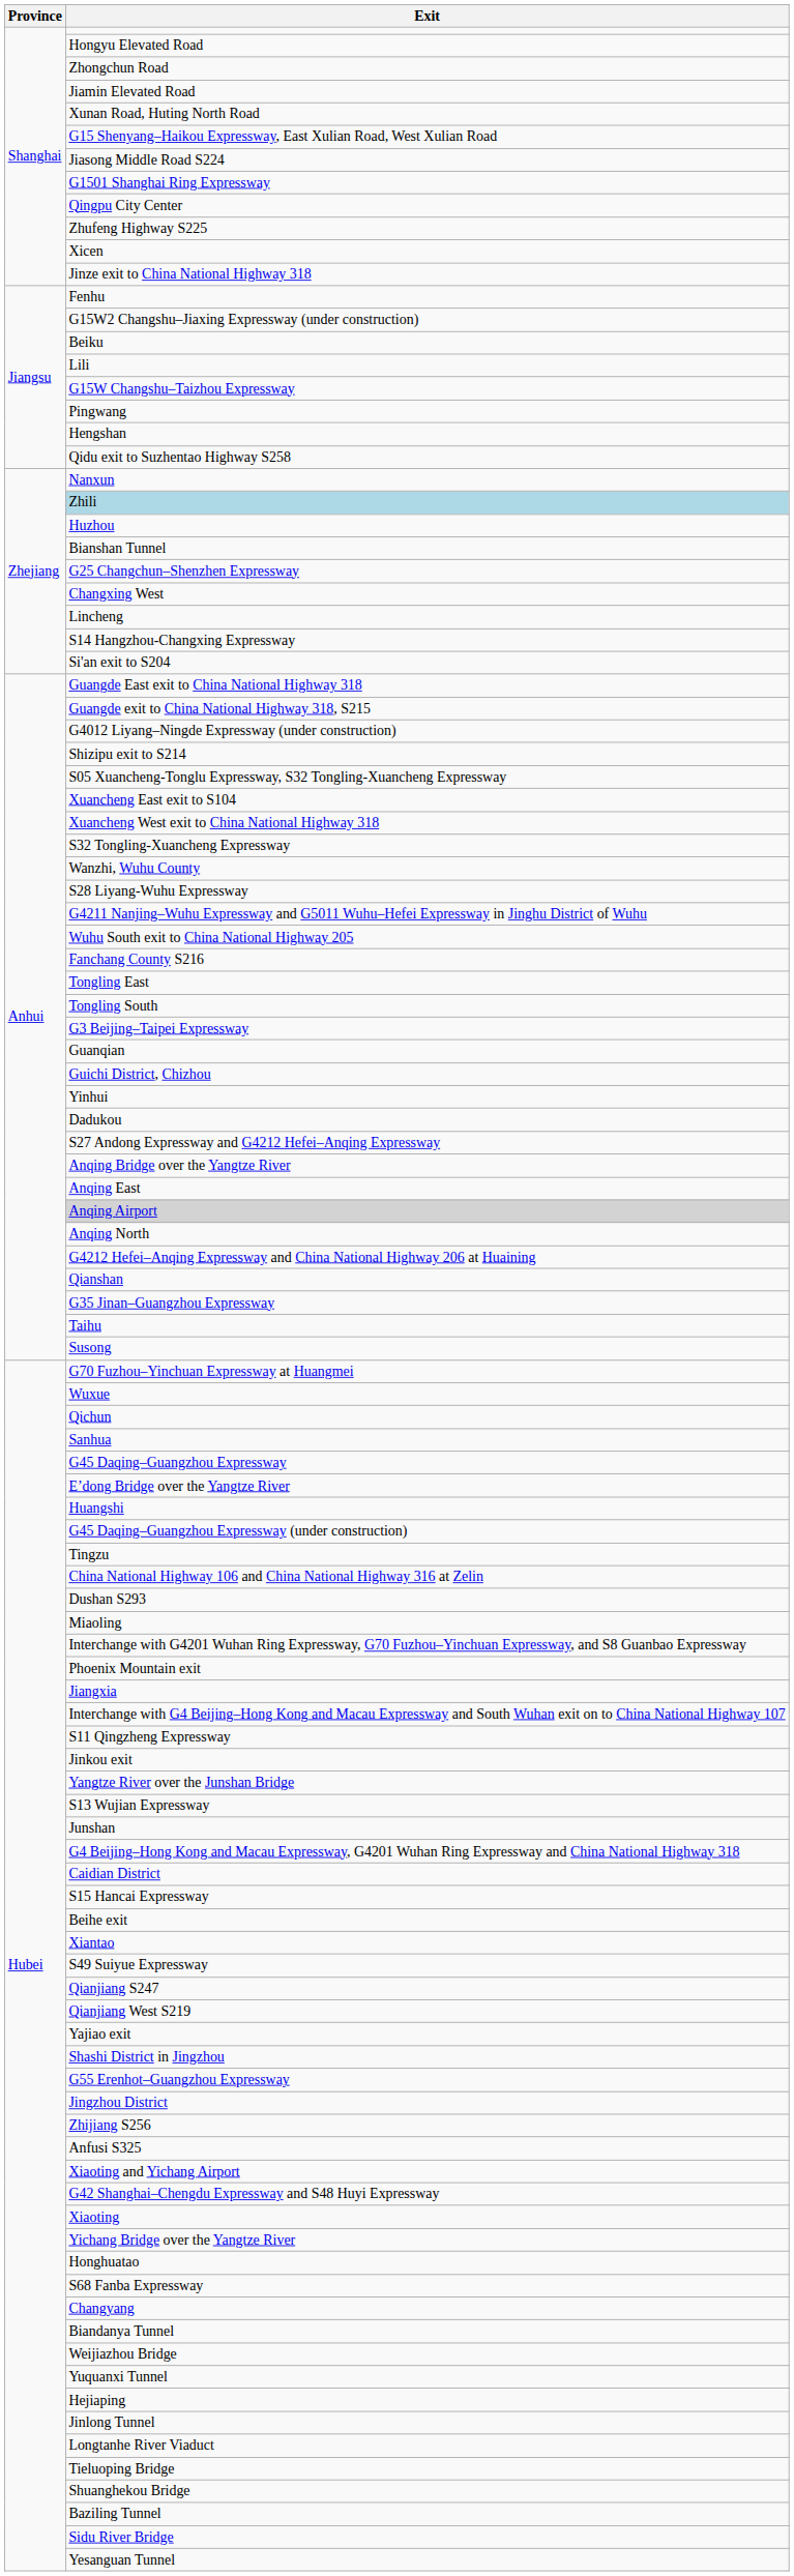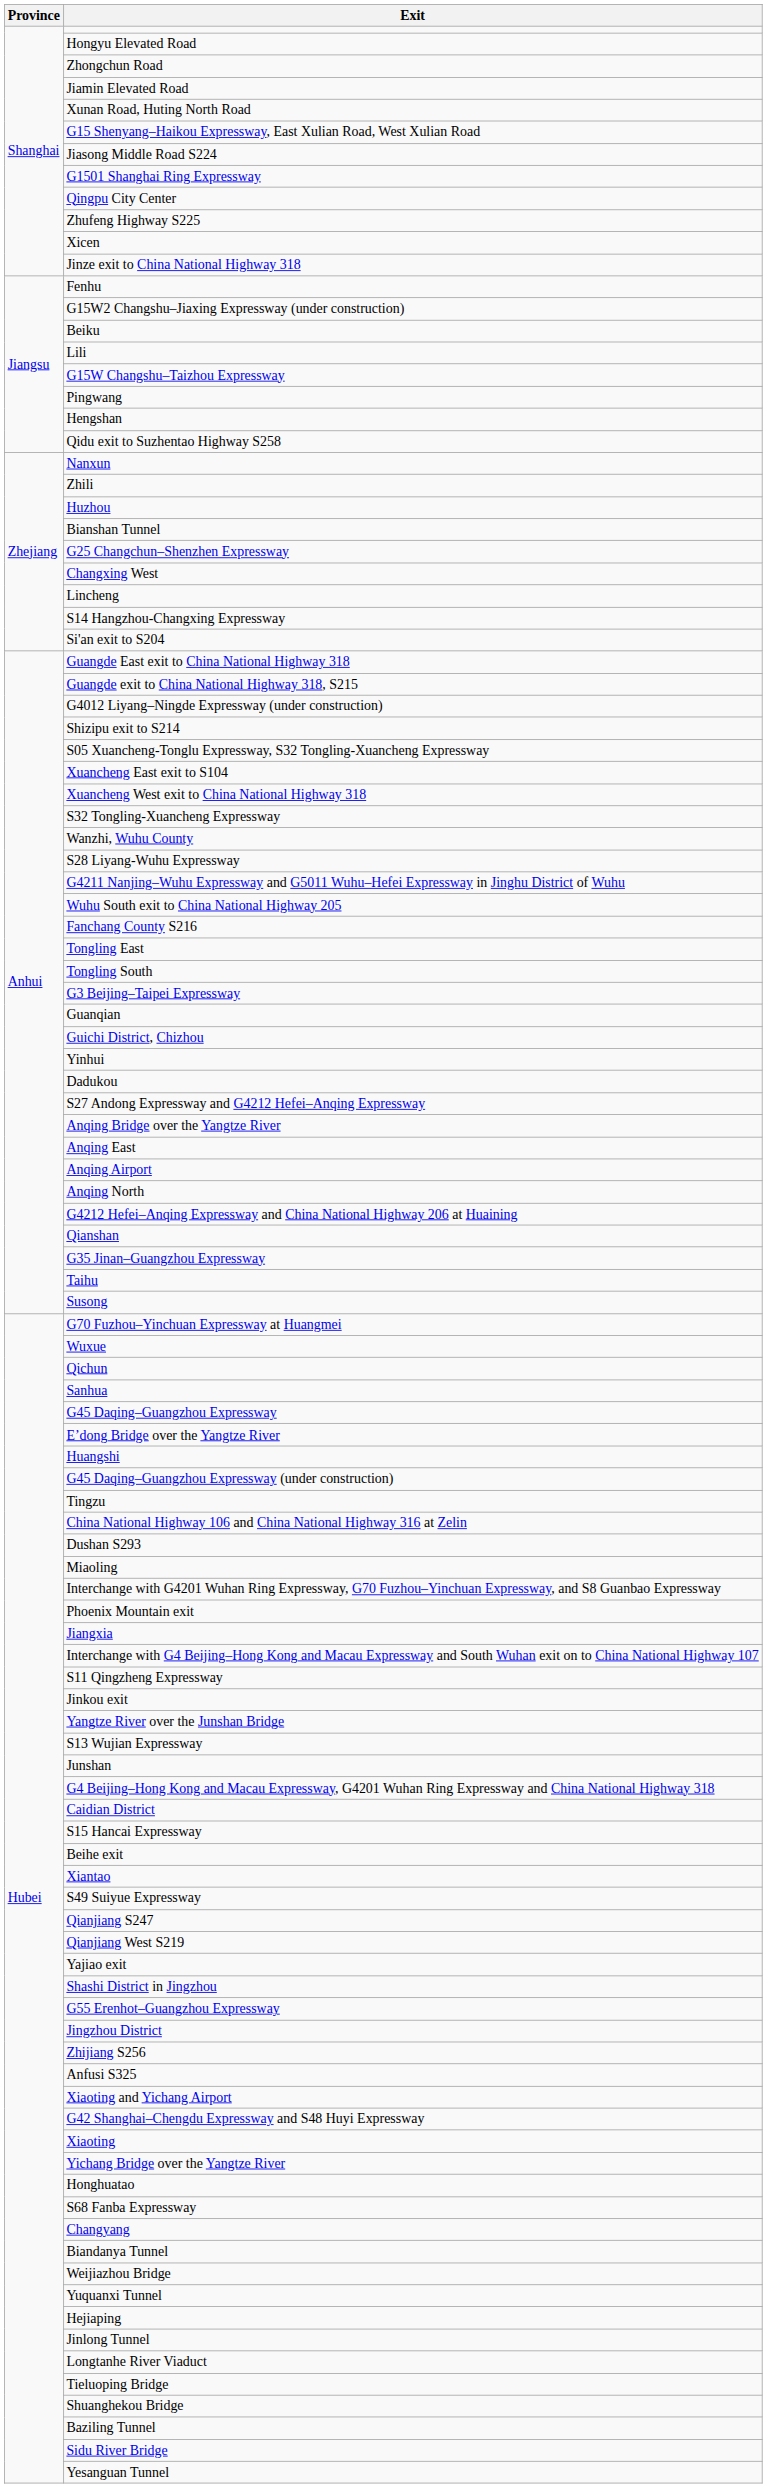 <table class="wikitable">
 <tr>
 <th>Province</th>
 <th>Exit</th>
 </tr>
 <tr>
 <td rowspan=12><a href='#'>Shanghai</a></td>
 <td></td>
 </tr>
 <tr>
 <td>Hongyu Elevated Road</td>
 </tr>
 <tr>
 <td>Zhongchun Road</td>
 </tr>
 <tr>
 <td>Jiamin Elevated Road</td>
 </tr>
 <tr>
 <td>Xunan Road, Huting North Road</td>
 </tr>
 <tr>
 <td> <a href='#'>G15 Shenyang–Haikou Expressway</a>, East Xulian Road, West Xulian Road</td>
 </tr>
 <tr>
 <td>Jiasong Middle Road S224</td>
 </tr>
 <tr>
 <td> <a href='#'>G1501 Shanghai Ring Expressway</a></td>
 </tr>
 <tr>
 <td><a href='#'>Qingpu</a> City Center</td>
 </tr>
 <tr>
 <td>Zhufeng Highway S225</td>
 </tr>
 <tr>
 <td>Xicen</td>
 </tr>
 <tr>
 <td>Jinze exit to  <a href='#'>China National Highway 318</a></td>
 </tr>
 <tr>
 <td rowspan=8><a href='#'>Jiangsu</a></td>
 <td>Fenhu</td>
 </tr>
 <tr>
 <td> G15W2 Changshu–Jiaxing Expressway (under construction)</td>
 </tr>
 <tr>
 <td>Beiku</td>
 </tr>
 <tr>
 <td>Lili</td>
 </tr>
 <tr>
 <td> <a href='#'>G15W Changshu–Taizhou Expressway</a></td>
 </tr>
 <tr>
 <td>Pingwang</td>
 </tr>
 <tr>
 <td>Hengshan</td>
 </tr>
 <tr>
 <td>Qidu exit to Suzhentao Highway S258</td>
 </tr>
 <tr>
 <td rowspan=9><a href='#'>Zhejiang</a></td>
 <td><a href='#'>Nanxun</a></td>
 </tr>
 <tr>
-<td style="background: lightblue;">Zhili</td>
+<td>Zhili</td>
 </tr>
 <tr>
 <td><a href='#'>Huzhou</a></td>
 </tr>
 <tr>
 <td>Bianshan Tunnel</td>
 </tr>
 <tr>
 <td> <a href='#'>G25 Changchun–Shenzhen Expressway</a></td>
 </tr>
 <tr>
 <td><a href='#'>Changxing</a> West</td>
 </tr>
 <tr>
 <td>Lincheng</td>
 </tr>
 <tr>
 <td>S14 Hangzhou-Changxing Expressway</td>
 </tr>
 <tr>
 <td>Si'an exit to S204</td>
 </tr>
 <tr>
 <td rowspan=30><a href='#'>Anhui</a></td>
 <td><a href='#'>Guangde</a> East exit to  <a href='#'>China National Highway 318</a></td>
 </tr>
 <tr>
 <td><a href='#'>Guangde</a> exit to  <a href='#'>China National Highway 318</a>, S215</td>
 </tr>
 <tr>
 <td> G4012 Liyang–Ningde Expressway (under construction)</td>
 </tr>
 <tr>
 <td>Shizipu exit to S214</td>
 </tr>
 <tr>
 <td>S05 Xuancheng-Tonglu Expressway, S32 Tongling-Xuancheng Expressway</td>
 </tr>
 <tr>
 <td><a href='#'>Xuancheng</a> East exit to S104</td>
 </tr>
 <tr>
 <td><a href='#'>Xuancheng</a> West exit to  <a href='#'>China National Highway 318</a></td>
 </tr>
 <tr>
 <td>S32 Tongling-Xuancheng Expressway</td>
 </tr>
 <tr>
 <td>Wanzhi, <a href='#'>Wuhu County</a></td>
 </tr>
 <tr>
 <td>S28 Liyang-Wuhu Expressway</td>
 </tr>
 <tr>
 <td> <a href='#'>G4211 Nanjing–Wuhu Expressway</a> and  <a href='#'>G5011 Wuhu–Hefei Expressway</a> in <a href='#'>Jinghu District</a> of <a href='#'>Wuhu</a></td>
 </tr>
 <tr>
 <td><a href='#'>Wuhu</a> South exit to  <a href='#'>China National Highway 205</a></td>
 </tr>
 <tr>
 <td><a href='#'>Fanchang County</a> S216</td>
 </tr>
 <tr>
 <td><a href='#'>Tongling</a> East</td>
 </tr>
 <tr>
 <td><a href='#'>Tongling</a> South</td>
 </tr>
 <tr>
 <td> <a href='#'>G3 Beijing–Taipei Expressway</a></td>
 </tr>
 <tr>
 <td>Guanqian</td>
 </tr>
 <tr>
 <td><a href='#'>Guichi District</a>, <a href='#'>Chizhou</a></td>
 </tr>
 <tr>
 <td>Yinhui</td>
 </tr>
 <tr>
 <td>Dadukou</td>
 </tr>
 <tr>
 <td>S27 Andong Expressway and  <a href='#'>G4212 Hefei–Anqing Expressway</a></td>
 </tr>
 <tr>
 <td><a href='#'>Anqing Bridge</a> over the <a href='#'>Yangtze River</a></td>
 </tr>
 <tr>
 <td><a href='#'>Anqing</a> East</td>
 </tr>
 <tr>
-<td style="background: lightgrey;"><a href='#'>Anqing Airport</a></td>
+<td><a href='#'>Anqing Airport</a></td>
 </tr>
 <tr>
 <td><a href='#'>Anqing</a> North</td>
 </tr>
 <tr>
 <td> <a href='#'>G4212 Hefei–Anqing Expressway</a> and  <a href='#'>China National Highway 206</a> at <a href='#'>Huaining</a></td>
 </tr>
 <tr>
 <td><a href='#'>Qianshan</a></td>
 </tr>
 <tr>
 <td> <a href='#'>G35 Jinan–Guangzhou Expressway</a></td>
 </tr>
 <tr>
 <td><a href='#'>Taihu</a></td>
 </tr>
 <tr>
 <td><a href='#'>Susong</a></td>
 </tr>
 <tr>
 <td rowspan=53><a href='#'>Hubei</a></td>
 <td> <a href='#'>G70 Fuzhou–Yinchuan Expressway</a> at <a href='#'>Huangmei</a></td>
 </tr>
 <tr>
 <td><a href='#'>Wuxue</a></td>
 </tr>
 <tr>
 <td><a href='#'>Qichun</a></td>
 </tr>
 <tr>
 <td><a href='#'>Sanhua</a></td>
 </tr>
 <tr>
 <td> <a href='#'>G45 Daqing–Guangzhou Expressway</a></td>
 </tr>
 <tr>
 <td><a href='#'>E’dong Bridge</a> over the <a href='#'>Yangtze River</a></td>
 </tr>
 <tr>
 <td><a href='#'>Huangshi</a></td>
 </tr>
 <tr>
 <td> <a href='#'>G45 Daqing–Guangzhou Expressway</a> (under construction)</td>
 </tr>
 <tr>
 <td>Tingzu</td>
 </tr>
 <tr>
 <td> <a href='#'>China National Highway 106</a> and  <a href='#'>China National Highway 316</a> at <a href='#'>Zelin</a></td>
 </tr>
 <tr>
 <td>Dushan S293</td>
 </tr>
 <tr>
 <td>Miaoling</td>
 </tr>
 <tr>
 <td>Interchange with  G4201 Wuhan Ring Expressway,  <a href='#'>G70 Fuzhou–Yinchuan Expressway</a>, and S8 Guanbao Expressway</td>
 </tr>
 <tr>
 <td>Phoenix Mountain exit</td>
 </tr>
 <tr>
 <td><a href='#'>Jiangxia</a></td>
 </tr>
 <tr>
 <td>Interchange with  <a href='#'>G4 Beijing–Hong Kong and Macau Expressway</a> and South <a href='#'>Wuhan</a> exit on to  <a href='#'>China National Highway 107</a></td>
 </tr>
 <tr>
 <td>S11 Qingzheng Expressway</td>
 </tr>
 <tr>
 <td>Jinkou exit</td>
 </tr>
 <tr>
 <td><a href='#'>Yangtze River</a> over the <a href='#'>Junshan Bridge</a></td>
 </tr>
 <tr>
 <td>S13 Wujian Expressway</td>
 </tr>
 <tr>
 <td>Junshan</td>
 </tr>
 <tr>
 <td> <a href='#'>G4 Beijing–Hong Kong and Macau Expressway</a>,  G4201 Wuhan Ring Expressway and  <a href='#'>China National Highway 318</a></td>
 </tr>
 <tr>
 <td><a href='#'>Caidian District</a></td>
 </tr>
 <tr>
 <td>S15 Hancai Expressway</td>
 </tr>
 <tr>
 <td>Beihe exit</td>
 </tr>
 <tr>
 <td><a href='#'>Xiantao</a></td>
 </tr>
 <tr>
 <td>S49 Suiyue Expressway</td>
 </tr>
 <tr>
 <td><a href='#'>Qianjiang</a> S247</td>
 </tr>
 <tr>
 <td><a href='#'>Qianjiang</a> West S219</td>
 </tr>
 <tr>
 <td>Yajiao exit</td>
 </tr>
 <tr>
 <td><a href='#'>Shashi District</a> in <a href='#'>Jingzhou</a></td>
 </tr>
 <tr>
 <td> <a href='#'>G55 Erenhot–Guangzhou Expressway</a></td>
 </tr>
 <tr>
 <td><a href='#'>Jingzhou District</a></td>
 </tr>
 <tr>
 <td><a href='#'>Zhijiang</a> S256</td>
 </tr>
 <tr>
 <td>Anfusi S325</td>
 </tr>
 <tr>
 <td><a href='#'>Xiaoting</a> and <a href='#'>Yichang Airport</a></td>
 </tr>
 <tr>
 <td> <a href='#'>G42 Shanghai–Chengdu Expressway</a> and S48 Huyi Expressway</td>
 </tr>
 <tr>
 <td><a href='#'>Xiaoting</a></td>
 </tr>
 <tr>
 <td><a href='#'>Yichang Bridge</a> over the <a href='#'>Yangtze River</a></td>
 </tr>
 <tr>
 <td>Honghuatao</td>
 </tr>
 <tr>
 <td>S68 Fanba Expressway</td>
 </tr>
 <tr>
 <td><a href='#'>Changyang</a></td>
 </tr>
 <tr>
 <td>Biandanya Tunnel</td>
 </tr>
 <tr>
 <td>Weijiazhou Bridge</td>
 </tr>
 <tr>
 <td>Yuquanxi Tunnel</td>
 </tr>
 <tr>
 <td>Hejiaping</td>
 </tr>
 <tr>
 <td>Jinlong Tunnel</td>
 </tr>
 <tr>
 <td>Longtanhe River Viaduct</td>
 </tr>
 <tr>
 <td>Tieluoping Bridge</td>
 </tr>
 <tr>
 <td>Shuanghekou Bridge</td>
 </tr>
 <tr>
 <td>Baziling Tunnel</td>
 </tr>
 <tr>
 <td><a href='#'>Sidu River Bridge</a></td>
 </tr>
 <tr>
 <td>Yesanguan Tunnel</td>
 </tr>
 </table>
